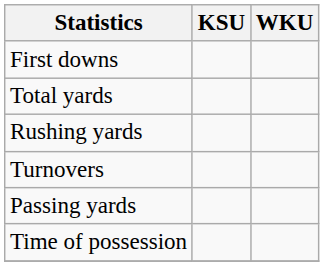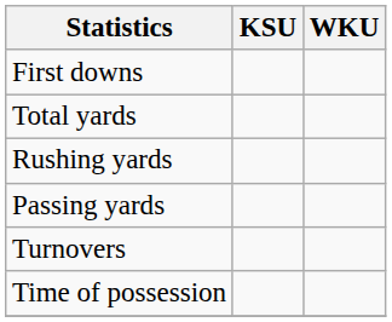 <table class="wikitable" style="float: left;">
 <tr>
 <th>Statistics</th>
 <th>KSU</th>
 <th>WKU</th>
 </tr>
 <tr>
 <td>First downs</td>
 <td></td>
 <td></td>
 </tr>
 <tr>
 <td>Total yards</td>
 <td></td>
 <td></td>
 </tr>
 <tr>
 <td>Rushing yards</td>
 <td></td>
 <td></td>
 </tr>
 <tr>
-<td>Turnovers</td>
+<td>Passing yards</td>
 <td></td>
 <td></td>
 </tr>
 <tr>
-<td>Passing yards</td>
+<td>Turnovers</td>
 <td></td>
 <td></td>
 </tr>
 <tr>
 <td>Time of possession</td>
 <td></td>
 <td></td>
 </tr>
 <tr>
 </tr>
 </table>
